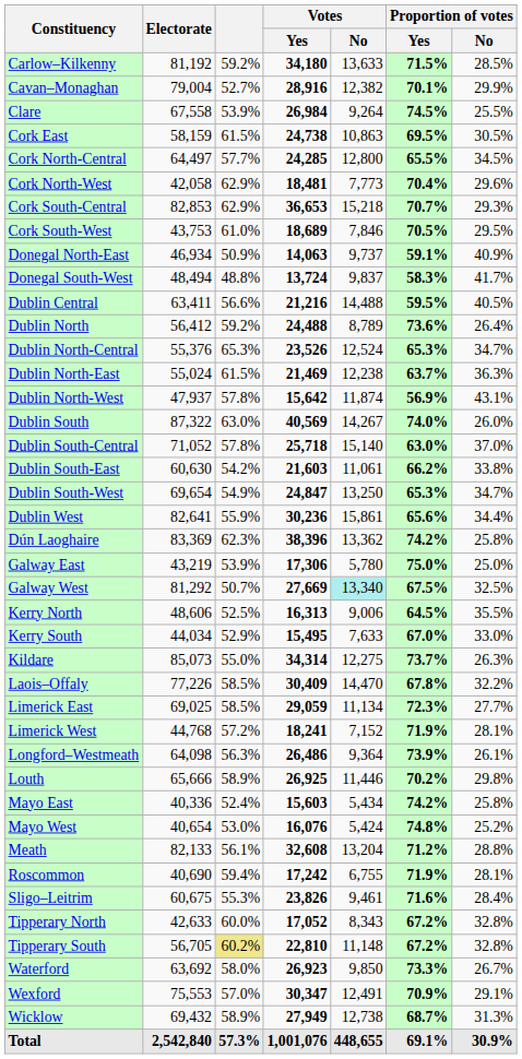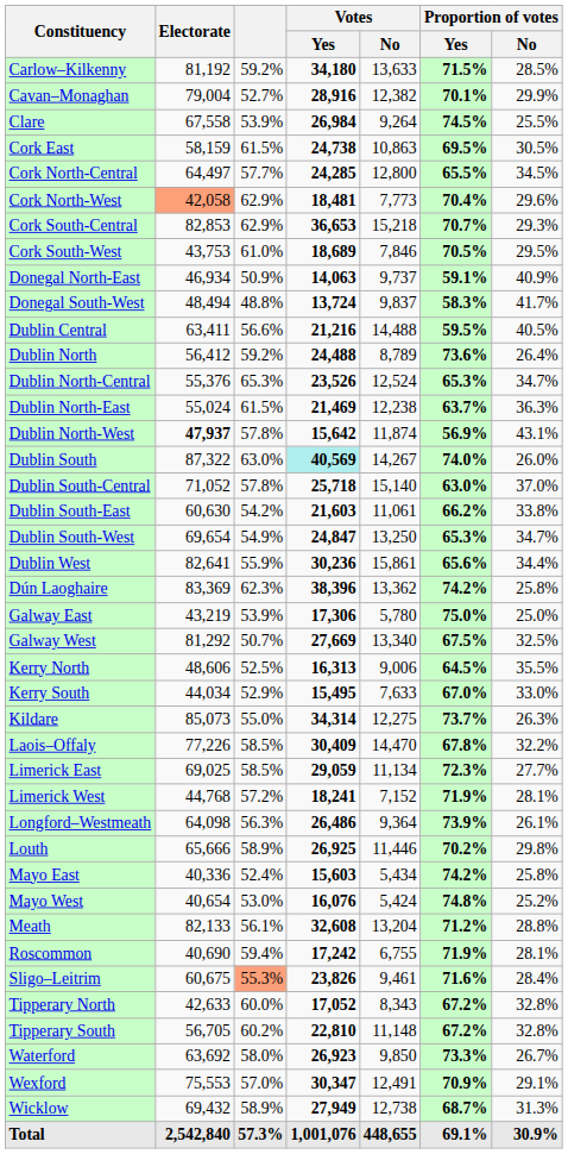 <table class="wikitable sortable">
 <tr>
 <th rowspan=2>Constituency</th>
 <th rowspan=2>Electorate</th>
 <th rowspan=2></th>
 <th colspan=2>Votes</th>
 <th colspan=2>Proportion of votes</th>
 </tr>
 <tr>
 <th>Yes</th>
 <th>No</th>
 <th>Yes</th>
 <th>No</th>
 </tr>
 <tr>
 <td style="background:#c8ffc8;"><a href='#'>Carlow–Kilkenny</a></td>
 <td style="text-align: right;">81,192</td>
 <td style="text-align: right;">59.2%</td>
 <td style="text-align: right;"><strong>34,180</strong></td>
 <td style="text-align: right;">13,633</td>
 <td style="text-align: right; background:#c8ffc8;"><strong>71.5%</strong></td>
 <td style="text-align: right;">28.5%</td>
 </tr>
 <tr>
 <td style="background:#c8ffc8;"><a href='#'>Cavan–Monaghan</a></td>
 <td style="text-align: right;">79,004</td>
 <td style="text-align: right;">52.7%</td>
 <td style="text-align: right;"><strong>28,916</strong></td>
 <td style="text-align: right;">12,382</td>
 <td style="text-align: right; background:#c8ffc8;"><strong>70.1%</strong></td>
 <td style="text-align: right;">29.9%</td>
 </tr>
 <tr>
 <td style="background:#c8ffc8;"><a href='#'>Clare</a></td>
 <td style="text-align: right;">67,558</td>
 <td style="text-align: right;">53.9%</td>
 <td style="text-align: right;"><strong>26,984</strong></td>
 <td style="text-align: right;">9,264</td>
 <td style="text-align: right; background:#c8ffc8;"><strong>74.5%</strong></td>
 <td style="text-align: right;">25.5%</td>
 </tr>
 <tr>
 <td style="background:#c8ffc8;"><a href='#'>Cork East</a></td>
 <td style="text-align: right;">58,159</td>
 <td style="text-align: right;">61.5%</td>
 <td style="text-align: right;"><strong>24,738</strong></td>
 <td style="text-align: right;">10,863</td>
 <td style="text-align: right; background:#c8ffc8;"><strong>69.5%</strong></td>
 <td style="text-align: right;">30.5%</td>
 </tr>
 <tr>
 <td style="background:#c8ffc8;"><a href='#'>Cork North-Central</a></td>
 <td style="text-align: right;">64,497</td>
 <td style="text-align: right;">57.7%</td>
 <td style="text-align: right;"><strong>24,285</strong></td>
 <td style="text-align: right;">12,800</td>
 <td style="text-align: right; background:#c8ffc8;"><strong>65.5%</strong></td>
 <td style="text-align: right;">34.5%</td>
 </tr>
 <tr>
 <td style="background:#c8ffc8;"><a href='#'>Cork North-West</a></td>
-<td style="text-align: right;">42,058</td>
+<td style="background: lightsalmon; text-align: right;">42,058</td>
 <td style="text-align: right;">62.9%</td>
 <td style="text-align: right;"><strong>18,481</strong></td>
 <td style="text-align: right;">7,773</td>
 <td style="text-align: right; background:#c8ffc8;"><strong>70.4%</strong></td>
 <td style="text-align: right;">29.6%</td>
 </tr>
 <tr>
 <td style="background:#c8ffc8;"><a href='#'>Cork South-Central</a></td>
 <td style="text-align: right;">82,853</td>
 <td style="text-align: right;">62.9%</td>
 <td style="text-align: right;"><strong>36,653</strong></td>
 <td style="text-align: right;">15,218</td>
 <td style="text-align: right; background:#c8ffc8;"><strong>70.7%</strong></td>
 <td style="text-align: right;">29.3%</td>
 </tr>
 <tr>
 <td style="background:#c8ffc8;"><a href='#'>Cork South-West</a></td>
 <td style="text-align: right;">43,753</td>
 <td style="text-align: right;">61.0%</td>
 <td style="text-align: right;"><strong>18,689</strong></td>
 <td style="text-align: right;">7,846</td>
 <td style="text-align: right; background:#c8ffc8;"><strong>70.5%</strong></td>
 <td style="text-align: right;">29.5%</td>
 </tr>
 <tr>
 <td style="background:#c8ffc8;"><a href='#'>Donegal North-East</a></td>
 <td style="text-align: right;">46,934</td>
 <td style="text-align: right;">50.9%</td>
 <td style="text-align: right;"><strong>14,063</strong></td>
 <td style="text-align: right;">9,737</td>
 <td style="text-align: right; background:#c8ffc8;"><strong>59.1%</strong></td>
 <td style="text-align: right;">40.9%</td>
 </tr>
 <tr>
 <td style="background:#c8ffc8;"><a href='#'>Donegal South-West</a></td>
 <td style="text-align: right;">48,494</td>
 <td style="text-align: right;">48.8%</td>
 <td style="text-align: right;"><strong>13,724</strong></td>
 <td style="text-align: right;">9,837</td>
 <td style="text-align: right; background:#c8ffc8;"><strong>58.3%</strong></td>
 <td style="text-align: right;">41.7%</td>
 </tr>
 <tr>
 <td style="background:#c8ffc8;"><a href='#'>Dublin Central</a></td>
 <td style="text-align: right;">63,411</td>
 <td style="text-align: right;">56.6%</td>
 <td style="text-align: right;"><strong>21,216</strong></td>
 <td style="text-align: right;">14,488</td>
 <td style="text-align: right; background:#c8ffc8;"><strong>59.5%</strong></td>
 <td style="text-align: right;">40.5%</td>
 </tr>
 <tr>
 <td style="background:#c8ffc8;"><a href='#'>Dublin North</a></td>
 <td style="text-align: right;">56,412</td>
 <td style="text-align: right;">59.2%</td>
 <td style="text-align: right;"><strong>24,488</strong></td>
 <td style="text-align: right;">8,789</td>
 <td style="text-align: right; background:#c8ffc8;"><strong>73.6%</strong></td>
 <td style="text-align: right;">26.4%</td>
 </tr>
 <tr>
 <td style="background:#c8ffc8;"><a href='#'>Dublin North-Central</a></td>
 <td style="text-align: right;">55,376</td>
 <td style="text-align: right;">65.3%</td>
 <td style="text-align: right;"><strong>23,526</strong></td>
 <td style="text-align: right;">12,524</td>
 <td style="text-align: right; background:#c8ffc8;"><strong>65.3%</strong></td>
 <td style="text-align: right;">34.7%</td>
 </tr>
 <tr>
 <td style="background:#c8ffc8;"><a href='#'>Dublin North-East</a></td>
 <td style="text-align: right;">55,024</td>
 <td style="text-align: right;">61.5%</td>
 <td style="text-align: right;"><strong>21,469</strong></td>
 <td style="text-align: right;">12,238</td>
 <td style="text-align: right; background:#c8ffc8;"><strong>63.7%</strong></td>
 <td style="text-align: right;">36.3%</td>
 </tr>
 <tr>
 <td style="background:#c8ffc8;"><a href='#'>Dublin North-West</a></td>
-<td style="text-align: right;">47,937</td>
+<td style="text-align: right;"><strong>47,937</strong></td>
 <td style="text-align: right;">57.8%</td>
 <td style="text-align: right;"><strong>15,642</strong></td>
 <td style="text-align: right;">11,874</td>
 <td style="text-align: right; background:#c8ffc8;"><strong>56.9%</strong></td>
 <td style="text-align: right;">43.1%</td>
 </tr>
 <tr>
 <td style="background:#c8ffc8;"><a href='#'>Dublin South</a></td>
 <td style="text-align: right;">87,322</td>
 <td style="text-align: right;">63.0%</td>
-<td style="text-align: right;"><strong>40,569</strong></td>
+<td style="background: paleturquoise; text-align: right;"><strong>40,569</strong></td>
 <td style="text-align: right;">14,267</td>
 <td style="text-align: right; background:#c8ffc8;"><strong>74.0%</strong></td>
 <td style="text-align: right;">26.0%</td>
 </tr>
 <tr>
 <td style="background:#c8ffc8;"><a href='#'>Dublin South-Central</a></td>
 <td style="text-align: right;">71,052</td>
 <td style="text-align: right;">57.8%</td>
 <td style="text-align: right;"><strong>25,718</strong></td>
 <td style="text-align: right;">15,140</td>
 <td style="text-align: right; background:#c8ffc8;"><strong>63.0%</strong></td>
 <td style="text-align: right;">37.0%</td>
 </tr>
 <tr>
 <td style="background:#c8ffc8;"><a href='#'>Dublin South-East</a></td>
 <td style="text-align: right;">60,630</td>
 <td style="text-align: right;">54.2%</td>
 <td style="text-align: right;"><strong>21,603</strong></td>
 <td style="text-align: right;">11,061</td>
 <td style="text-align: right; background:#c8ffc8;"><strong>66.2%</strong></td>
 <td style="text-align: right;">33.8%</td>
 </tr>
 <tr>
 <td style="background:#c8ffc8;"><a href='#'>Dublin South-West</a></td>
 <td style="text-align: right;">69,654</td>
 <td style="text-align: right;">54.9%</td>
 <td style="text-align: right;"><strong>24,847</strong></td>
 <td style="text-align: right;">13,250</td>
 <td style="text-align: right; background:#c8ffc8;"><strong>65.3%</strong></td>
 <td style="text-align: right;">34.7%</td>
 </tr>
 <tr>
 <td style="background:#c8ffc8;"><a href='#'>Dublin West</a></td>
 <td style="text-align: right;">82,641</td>
 <td style="text-align: right;">55.9%</td>
 <td style="text-align: right;"><strong>30,236</strong></td>
 <td style="text-align: right;">15,861</td>
 <td style="text-align: right; background:#c8ffc8;"><strong>65.6%</strong></td>
 <td style="text-align: right;">34.4%</td>
 </tr>
 <tr>
 <td style="background:#c8ffc8;"><a href='#'>Dún Laoghaire</a></td>
 <td style="text-align: right;">83,369</td>
 <td style="text-align: right;">62.3%</td>
 <td style="text-align: right;"><strong>38,396</strong></td>
 <td style="text-align: right;">13,362</td>
 <td style="text-align: right; background:#c8ffc8;"><strong>74.2%</strong></td>
 <td style="text-align: right;">25.8%</td>
 </tr>
 <tr>
 <td style="background:#c8ffc8;"><a href='#'>Galway East</a></td>
 <td style="text-align: right;">43,219</td>
 <td style="text-align: right;">53.9%</td>
 <td style="text-align: right;"><strong>17,306</strong></td>
 <td style="text-align: right;">5,780</td>
 <td style="text-align: right; background:#c8ffc8;"><strong>75.0%</strong></td>
 <td style="text-align: right;">25.0%</td>
 </tr>
 <tr>
 <td style="background:#c8ffc8;"><a href='#'>Galway West</a></td>
 <td style="text-align: right;">81,292</td>
 <td style="text-align: right;">50.7%</td>
 <td style="text-align: right;"><strong>27,669</strong></td>
-<td style="background: paleturquoise; text-align: right;">13,340</td>
+<td style="text-align: right;">13,340</td>
 <td style="text-align: right; background:#c8ffc8;"><strong>67.5%</strong></td>
 <td style="text-align: right;">32.5%</td>
 </tr>
 <tr>
 <td style="background:#c8ffc8;"><a href='#'>Kerry North</a></td>
 <td style="text-align: right;">48,606</td>
 <td style="text-align: right;">52.5%</td>
 <td style="text-align: right;"><strong>16,313</strong></td>
 <td style="text-align: right;">9,006</td>
 <td style="text-align: right; background:#c8ffc8;"><strong>64.5%</strong></td>
 <td style="text-align: right;">35.5%</td>
 </tr>
 <tr>
 <td style="background:#c8ffc8;"><a href='#'>Kerry South</a></td>
 <td style="text-align: right;">44,034</td>
 <td style="text-align: right;">52.9%</td>
 <td style="text-align: right;"><strong>15,495</strong></td>
 <td style="text-align: right;">7,633</td>
 <td style="text-align: right; background:#c8ffc8;"><strong>67.0%</strong></td>
 <td style="text-align: right;">33.0%</td>
 </tr>
 <tr>
 <td style="background:#c8ffc8;"><a href='#'>Kildare</a></td>
 <td style="text-align: right;">85,073</td>
 <td style="text-align: right;">55.0%</td>
 <td style="text-align: right;"><strong>34,314</strong></td>
 <td style="text-align: right;">12,275</td>
 <td style="text-align: right; background:#c8ffc8;"><strong>73.7%</strong></td>
 <td style="text-align: right;">26.3%</td>
 </tr>
 <tr>
 <td style="background:#c8ffc8;"><a href='#'>Laois–Offaly</a></td>
 <td style="text-align: right;">77,226</td>
 <td style="text-align: right;">58.5%</td>
 <td style="text-align: right;"><strong>30,409</strong></td>
 <td style="text-align: right;">14,470</td>
 <td style="text-align: right; background:#c8ffc8;"><strong>67.8%</strong></td>
 <td style="text-align: right;">32.2%</td>
 </tr>
 <tr>
 <td style="background:#c8ffc8;"><a href='#'>Limerick East</a></td>
 <td style="text-align: right;">69,025</td>
 <td style="text-align: right;">58.5%</td>
 <td style="text-align: right;"><strong>29,059</strong></td>
 <td style="text-align: right;">11,134</td>
 <td style="text-align: right; background:#c8ffc8;"><strong>72.3%</strong></td>
 <td style="text-align: right;">27.7%</td>
 </tr>
 <tr>
 <td style="background:#c8ffc8;"><a href='#'>Limerick West</a></td>
 <td style="text-align: right;">44,768</td>
 <td style="text-align: right;">57.2%</td>
 <td style="text-align: right;"><strong>18,241</strong></td>
 <td style="text-align: right;">7,152</td>
 <td style="text-align: right; background:#c8ffc8;"><strong>71.9%</strong></td>
 <td style="text-align: right;">28.1%</td>
 </tr>
 <tr>
 <td style="background:#c8ffc8;"><a href='#'>Longford–Westmeath</a></td>
 <td style="text-align: right;">64,098</td>
 <td style="text-align: right;">56.3%</td>
 <td style="text-align: right;"><strong>26,486</strong></td>
 <td style="text-align: right;">9,364</td>
 <td style="text-align: right; background:#c8ffc8;"><strong>73.9%</strong></td>
 <td style="text-align: right;">26.1%</td>
 </tr>
 <tr>
 <td style="background:#c8ffc8;"><a href='#'>Louth</a></td>
 <td style="text-align: right;">65,666</td>
 <td style="text-align: right;">58.9%</td>
 <td style="text-align: right;"><strong>26,925</strong></td>
 <td style="text-align: right;">11,446</td>
 <td style="text-align: right; background:#c8ffc8;"><strong>70.2%</strong></td>
 <td style="text-align: right;">29.8%</td>
 </tr>
 <tr>
 <td style="background:#c8ffc8;"><a href='#'>Mayo East</a></td>
 <td style="text-align: right;">40,336</td>
 <td style="text-align: right;">52.4%</td>
 <td style="text-align: right;"><strong>15,603</strong></td>
 <td style="text-align: right;">5,434</td>
 <td style="text-align: right; background:#c8ffc8;"><strong>74.2%</strong></td>
 <td style="text-align: right;">25.8%</td>
 </tr>
 <tr>
 <td style="background:#c8ffc8;"><a href='#'>Mayo West</a></td>
 <td style="text-align: right;">40,654</td>
 <td style="text-align: right;">53.0%</td>
 <td style="text-align: right;"><strong>16,076</strong></td>
 <td style="text-align: right;">5,424</td>
 <td style="text-align: right; background:#c8ffc8;"><strong>74.8%</strong></td>
 <td style="text-align: right;">25.2%</td>
 </tr>
 <tr>
 <td style="background:#c8ffc8;"><a href='#'>Meath</a></td>
 <td style="text-align: right;">82,133</td>
 <td style="text-align: right;">56.1%</td>
 <td style="text-align: right;"><strong>32,608</strong></td>
 <td style="text-align: right;">13,204</td>
 <td style="text-align: right; background:#c8ffc8;"><strong>71.2%</strong></td>
 <td style="text-align: right;">28.8%</td>
 </tr>
 <tr>
 <td style="background:#c8ffc8;"><a href='#'>Roscommon</a></td>
 <td style="text-align: right;">40,690</td>
 <td style="text-align: right;">59.4%</td>
 <td style="text-align: right;"><strong>17,242</strong></td>
 <td style="text-align: right;">6,755</td>
 <td style="text-align: right; background:#c8ffc8;"><strong>71.9%</strong></td>
 <td style="text-align: right;">28.1%</td>
 </tr>
 <tr>
 <td style="background:#c8ffc8;"><a href='#'>Sligo–Leitrim</a></td>
 <td style="text-align: right;">60,675</td>
-<td style="text-align: right;">55.3%</td>
+<td style="background: lightsalmon; text-align: right;">55.3%</td>
 <td style="text-align: right;"><strong>23,826</strong></td>
 <td style="text-align: right;">9,461</td>
 <td style="text-align: right; background:#c8ffc8;"><strong>71.6%</strong></td>
 <td style="text-align: right;">28.4%</td>
 </tr>
 <tr>
 <td style="background:#c8ffc8;"><a href='#'>Tipperary North</a></td>
 <td style="text-align: right;">42,633</td>
 <td style="text-align: right;">60.0%</td>
 <td style="text-align: right;"><strong>17,052</strong></td>
 <td style="text-align: right;">8,343</td>
 <td style="text-align: right; background:#c8ffc8;"><strong>67.2%</strong></td>
 <td style="text-align: right;">32.8%</td>
 </tr>
 <tr>
 <td style="background:#c8ffc8;"><a href='#'>Tipperary South</a></td>
 <td style="text-align: right;">56,705</td>
-<td style="background: khaki; text-align: right;">60.2%</td>
+<td style="text-align: right;">60.2%</td>
 <td style="text-align: right;"><strong>22,810</strong></td>
 <td style="text-align: right;">11,148</td>
 <td style="text-align: right; background:#c8ffc8;"><strong>67.2%</strong></td>
 <td style="text-align: right;">32.8%</td>
 </tr>
 <tr>
 <td style="background:#c8ffc8;"><a href='#'>Waterford</a></td>
 <td style="text-align: right;">63,692</td>
 <td style="text-align: right;">58.0%</td>
 <td style="text-align: right;"><strong>26,923</strong></td>
 <td style="text-align: right;">9,850</td>
 <td style="text-align: right; background:#c8ffc8;"><strong>73.3%</strong></td>
 <td style="text-align: right;">26.7%</td>
 </tr>
 <tr>
 <td style="background:#c8ffc8;"><a href='#'>Wexford</a></td>
 <td style="text-align: right;">75,553</td>
 <td style="text-align: right;">57.0%</td>
 <td style="text-align: right;"><strong>30,347</strong></td>
 <td style="text-align: right;">12,491</td>
 <td style="text-align: right; background:#c8ffc8;"><strong>70.9%</strong></td>
 <td style="text-align: right;">29.1%</td>
 </tr>
 <tr>
 <td style="background:#c8ffc8;"><a href='#'>Wicklow</a></td>
 <td style="text-align: right;">69,432</td>
 <td style="text-align: right;">58.9%</td>
 <td style="text-align: right;"><strong>27,949</strong></td>
 <td style="text-align: right;">12,738</td>
 <td style="text-align: right; background:#c8ffc8;"><strong>68.7%</strong></td>
 <td style="text-align: right;">31.3%</td>
 </tr>
 <tr class="sortbottom" style="font-weight:bold; background:rgb(232,232,232);">
 <td>Total</td>
 <td style="text-align: right;">2,542,840</td>
 <td style="text-align: right;">57.3%</td>
 <td style="text-align: right;">1,001,076</td>
 <td style="text-align: right;">448,655</td>
 <td style="text-align: right;">69.1%</td>
 <td style="text-align: right;">30.9%</td>
 </tr>
 </table>
